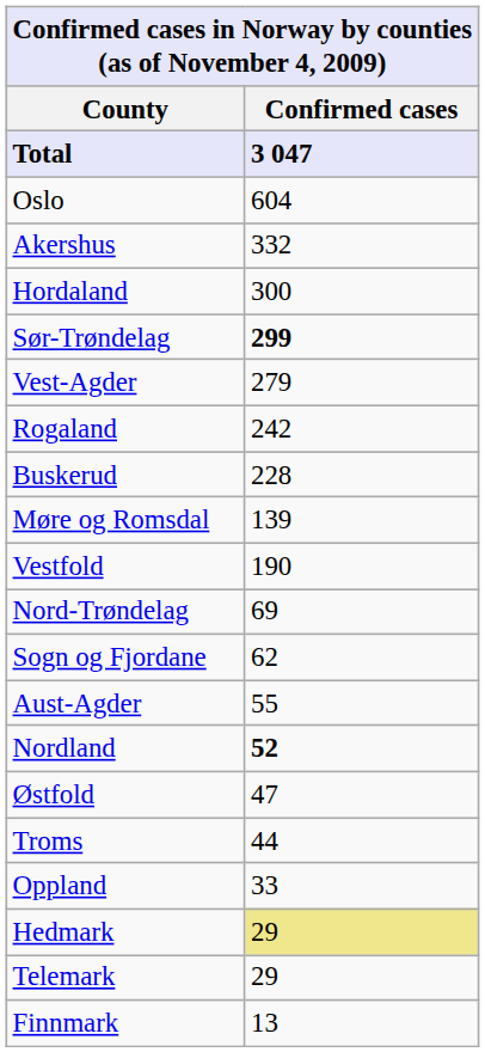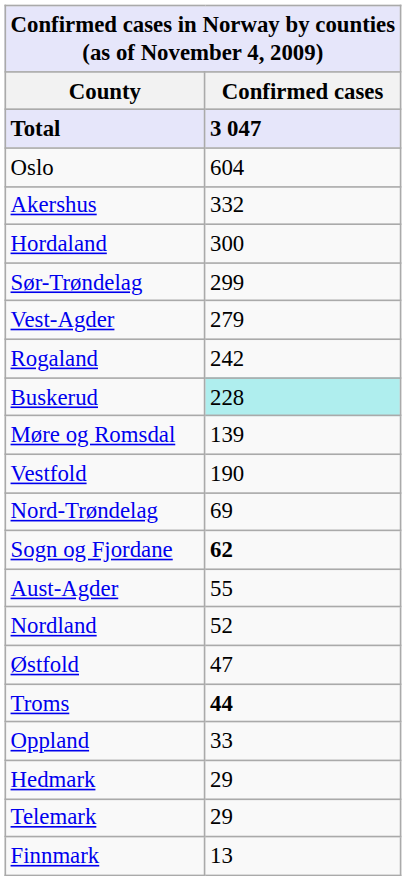 <table class="wikitable" style="float:right;clear:right;margin-left:1em;font-size:88%;">
 <tr>
 <th colspan="4" style="background:lavender">Confirmed cases in Norway by counties<br>(as of November 4, 2009)</th>
 </tr>
 <tr>
 <th>County</th>
 <th>Confirmed cases</th>
 </tr>
 <tr style="">
 <td style="background:lavender; font-weight:bold;">Total</td>
 <td style="background:lavender; font-weight:bold;">3 047</td>
 </tr>
 <tr>
 <td>Oslo</td>
 <td>604</td>
 </tr>
 <tr>
 <td><a href='#'>Akershus</a></td>
 <td>332</td>
 </tr>
 <tr>
 <td><a href='#'>Hordaland</a></td>
 <td>300</td>
 </tr>
 <tr>
 <td><a href='#'>Sør-Trøndelag</a></td>
-<td><strong>299</strong></td>
+<td>299</td>
 </tr>
 <tr>
 <td><a href='#'>Vest-Agder</a></td>
 <td>279</td>
 </tr>
 <tr>
 <td><a href='#'>Rogaland</a></td>
 <td>242</td>
 </tr>
 <tr>
 <td><a href='#'>Buskerud</a></td>
-<td>228</td>
+<td style="background: paleturquoise;">228</td>
 </tr>
 <tr>
 <td><a href='#'>Møre og Romsdal</a></td>
 <td>139</td>
 </tr>
 <tr>
 <td><a href='#'>Vestfold</a></td>
 <td>190</td>
 </tr>
 <tr>
 <td><a href='#'>Nord-Trøndelag</a></td>
 <td>69</td>
 </tr>
 <tr>
 <td><a href='#'>Sogn og Fjordane</a></td>
-<td>62</td>
+<td><strong>62</strong></td>
 </tr>
 <tr>
 <td><a href='#'>Aust-Agder</a></td>
 <td>55</td>
 </tr>
 <tr>
 <td><a href='#'>Nordland</a></td>
-<td><strong>52</strong></td>
+<td>52</td>
 </tr>
 <tr>
 <td><a href='#'>Østfold</a></td>
 <td>47</td>
 </tr>
 <tr>
 <td><a href='#'>Troms</a></td>
-<td>44</td>
+<td><strong>44</strong></td>
 </tr>
 <tr>
 <td><a href='#'>Oppland</a></td>
 <td>33</td>
 </tr>
 <tr>
 <td><a href='#'>Hedmark</a></td>
-<td style="background: khaki;">29</td>
+<td>29</td>
 </tr>
 <tr>
 <td><a href='#'>Telemark</a></td>
 <td>29</td>
 </tr>
 <tr>
 <td><a href='#'>Finnmark</a></td>
 <td>13</td>
 </tr>
 </table>
